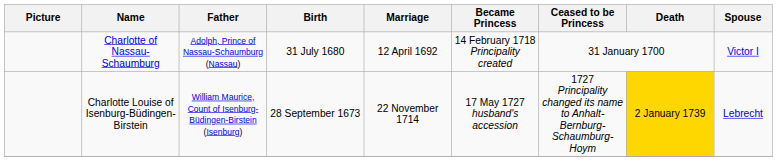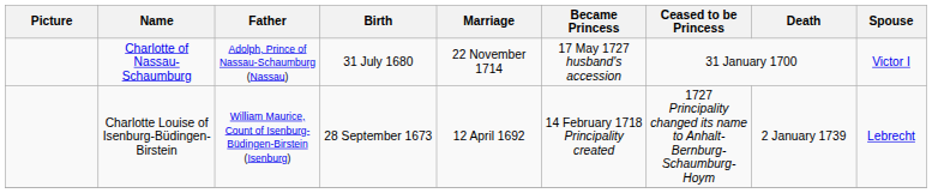 <table width=95% class="wikitable">
 <tr>
 <th width = "8%">Picture</th>
 <th width = "10%">Name</th>
 <th width = "9%">Father</th>
 <th width = "10%">Birth</th>
 <th width = "9%">Marriage</th>
 <th width = "9%">Became Princess</th>
 <th width = "9%">Ceased to be Princess</th>
 <th width = "9%">Death</th>
 <th width = "6%">Spouse</th>
 </tr>
 <tr>
 <td align="center"></td>
 <td align="center"><a href='#'>Charlotte of Nassau-Schaumburg</a></td>
 <td align="center"><small><a href='#'>Adolph, Prince of Nassau-Schaumburg</a><br>(<a href='#'>Nassau</a>)</small></td>
 <td align="center">31 July 1680</td>
-<td align="center">12 April 1692</td>
-<td align="center">14 February 1718<br><em>Principality created</em></td>
+<td align="center">22 November 1714</td>
+<td align="center">17 May 1727<br><em>husband's accession</em></td>
 <td align="center" colspan="2">31 January 1700</td>
 <td align="center"><a href='#'>Victor I</a></td>
 </tr>
 <tr>
 <td align="center"></td>
 <td align="center">Charlotte Louise of Isenburg-Büdingen-Birstein</td>
 <td align="center"><small><a href='#'>William Maurice, Count of Isenburg-Büdingen-Birstein</a><br>(<a href='#'>Isenburg</a>)</small></td>
 <td align="center">28 September 1673</td>
-<td align="center">22 November 1714</td>
-<td align="center">17 May 1727<br><em>husband's accession</em></td>
+<td align="center">12 April 1692</td>
+<td align="center">14 February 1718<br><em>Principality created</em></td>
 <td align="center">1727<br><em>Principality changed its name to Anhalt-Bernburg-Schaumburg-Hoym</em></td>
-<td align="center" style="background: gold;">2 January 1739</td>
+<td align="center">2 January 1739</td>
 <td align="center"><a href='#'>Lebrecht</a></td>
 </tr>
 <tr>
 </tr>
 </table>
